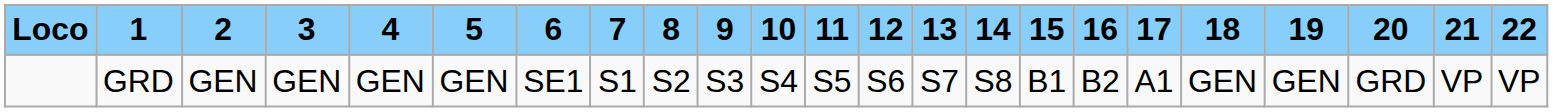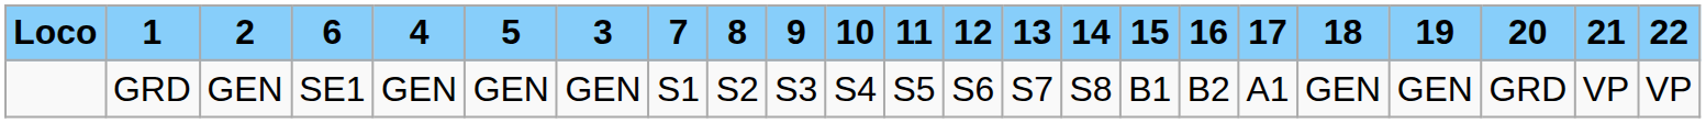 <table class="wikitable plainrowheaders unsortable" style="text-align:center">
 <tr>
 <th scope="col" rowspan="1" style="background:lightskyblue;">Loco</th>
 <th scope="col" rowspan="1" style="background:lightskyblue;">1</th>
 <th scope="col" rowspan="1" style="background:lightskyblue;">2</th>
-<th scope="col" rowspan="1" style="background:lightskyblue;">3</th>
+<th scope="col" rowspan="1" style="background:lightskyblue;">6</th>
 <th scope="col" rowspan="1" style="background:lightskyblue;">4</th>
 <th scope="col" rowspan="1" style="background:lightskyblue;">5</th>
-<th scope="col" rowspan="1" style="background:lightskyblue;">6</th>
+<th scope="col" rowspan="1" style="background:lightskyblue;">3</th>
 <th scope="col" rowspan="1" style="background:lightskyblue;">7</th>
 <th scope="col" rowspan="1" style="background:lightskyblue;">8</th>
 <th scope="col" rowspan="1" style="background:lightskyblue;">9</th>
 <th scope="col" rowspan="1" style="background:lightskyblue;">10</th>
 <th scope="col" rowspan="1" style="background:lightskyblue;">11</th>
 <th scope="col" rowspan="1" style="background:lightskyblue;">12</th>
 <th scope="col" rowspan="1" style="background:lightskyblue;">13</th>
 <th scope="col" rowspan="1" style="background:lightskyblue;">14</th>
 <th scope="col" rowspan="1" style="background:lightskyblue;">15</th>
 <th scope="col" rowspan="1" style="background:lightskyblue;">16</th>
 <th scope="col" rowspan="1" style="background:lightskyblue;">17</th>
 <th scope="col" rowspan="1" style="background:lightskyblue;">18</th>
 <th scope="col" rowspan="1" style="background:lightskyblue;">19</th>
 <th scope="col" rowspan="1" style="background:lightskyblue;">20</th>
 <th scope="col" rowspan="1" style="background:lightskyblue;">21</th>
 <th scope="col" rowspan="1" style="background:lightskyblue;">22</th>
 </tr>
 <tr>
 <td></td>
 <td>GRD</td>
 <td>GEN</td>
+<td>SE1</td>
 <td>GEN</td>
 <td>GEN</td>
 <td>GEN</td>
-<td>SE1</td>
 <td>S1</td>
 <td>S2</td>
 <td>S3</td>
 <td>S4</td>
 <td>S5</td>
 <td>S6</td>
 <td>S7</td>
 <td>S8</td>
 <td>B1</td>
 <td>B2</td>
 <td>A1</td>
 <td>GEN</td>
 <td>GEN</td>
 <td>GRD</td>
 <td>VP</td>
 <td>VP</td>
 </tr>
 </table>
